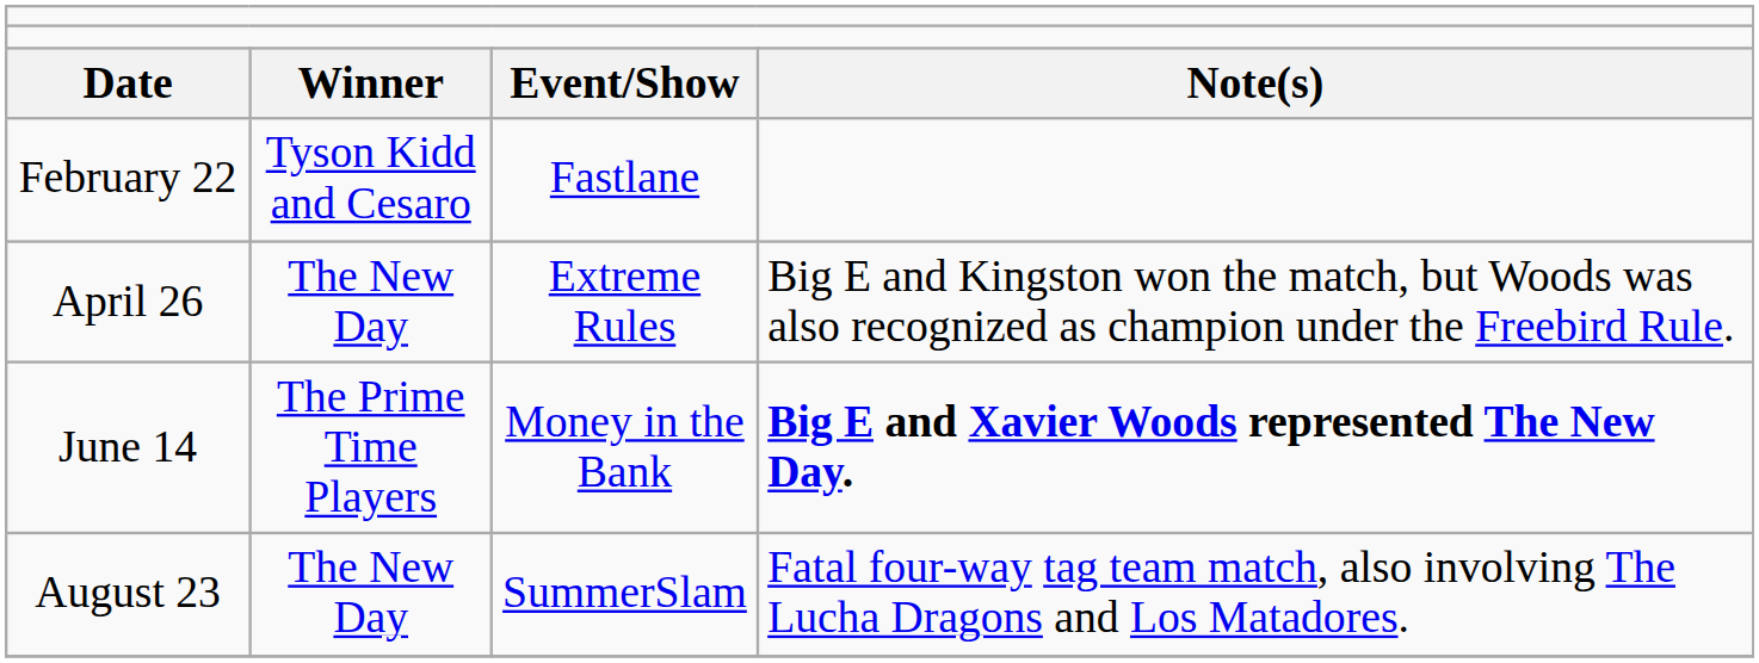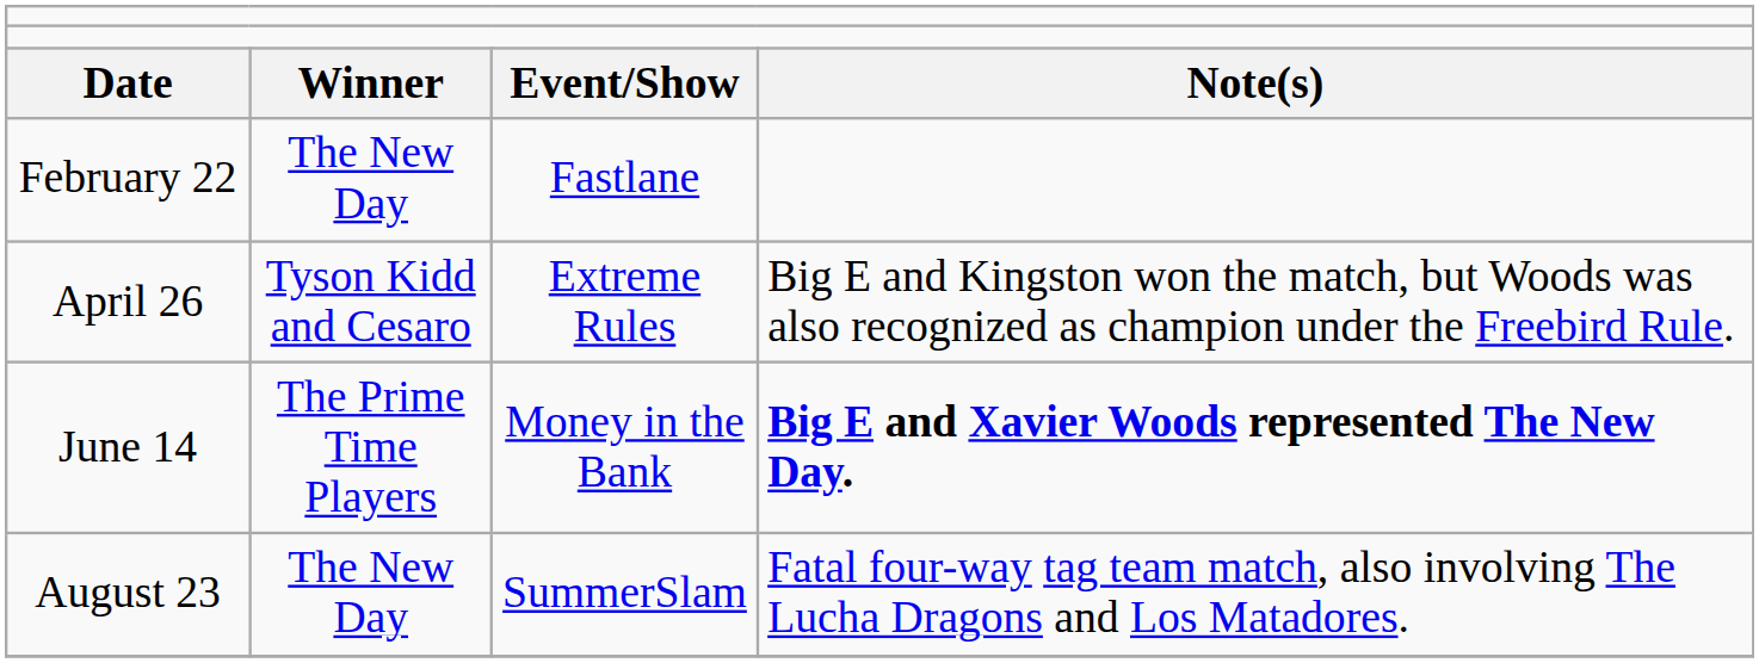 <table class="wikitable" style="text-align:center; width:100%;">
 <tr>
 <td colspan="5"></td>
 </tr>
 <tr>
 <td colspan="5"><strong></strong></td>
 </tr>
 <tr>
 <th width=14%>Date</th>
 <th width=14%>Winner</th>
 <th width=14%>Event/Show</th>
 <th width=58%>Note(s)</th>
 </tr>
 <tr>
 <td>February 22</td>
-<td><a href='#'>Tyson Kidd and Cesaro</a></td>
+<td><a href='#'>The New Day</a><br></td>
 <td><a href='#'>Fastlane</a></td>
 <td></td>
 </tr>
 <tr>
 <td>April 26</td>
-<td><a href='#'>The New Day</a><br></td>
+<td><a href='#'>Tyson Kidd and Cesaro</a></td>
 <td><a href='#'>Extreme Rules</a></td>
 <td align=left>Big E and Kingston won the match, but Woods was also recognized as champion under the <a href='#'>Freebird Rule</a>.</td>
 </tr>
 <tr>
 <td>June 14</td>
 <td><a href='#'>The Prime Time Players</a><br></td>
 <td><a href='#'>Money in the Bank</a></td>
 <td align=left><strong><a href='#'>Big E</a> and <a href='#'>Xavier Woods</a> represented <a href='#'>The New Day</a>.</strong></td>
 </tr>
 <tr>
 <td>August 23</td>
 <td><a href='#'>The New Day</a><br></td>
 <td><a href='#'>SummerSlam</a></td>
 <td align=left><a href='#'>Fatal four-way</a> <a href='#'>tag team match</a>, also involving <a href='#'>The Lucha Dragons</a> and <a href='#'>Los Matadores</a>.<br></td>
 </tr>
 <tr>
 </tr>
 </table>
